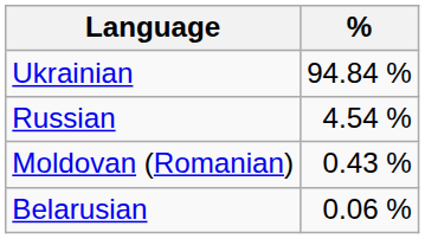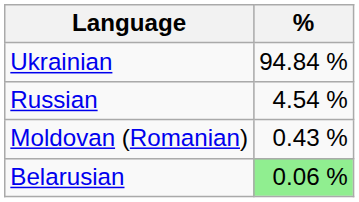 <table class="wikitable">
 <tr>
 <th>Language</th>
 <th>%</th>
 </tr>
 <tr>
 <td><a href='#'>Ukrainian</a></td>
 <td align="right">94.84 %</td>
 </tr>
 <tr>
 <td><a href='#'>Russian</a></td>
 <td align="right">4.54 %</td>
 </tr>
 <tr>
 <td><a href='#'>Moldovan</a> (<a href='#'>Romanian</a>)</td>
 <td align="right">0.43 %</td>
 </tr>
 <tr>
 <td><a href='#'>Belarusian</a></td>
-<td align="right">0.06 %</td>
+<td align="right" style="background: lightgreen;">0.06 %</td>
 </tr>
 </table>
